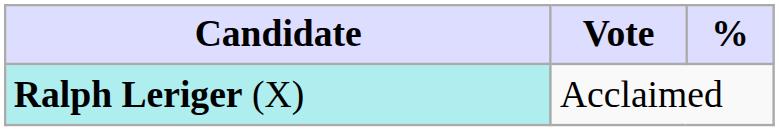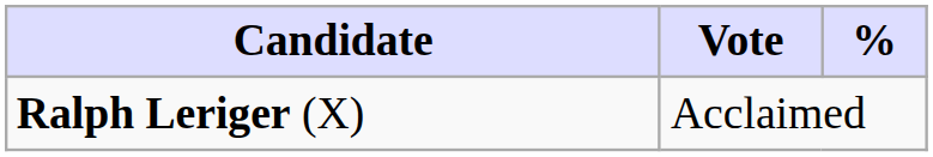 <table class="wikitable">
 <tr>
 <th style="background:#ddf; width:225px;">Candidate</th>
 <th style="background:#ddf; width:50px;">Vote</th>
 <th style="background:#ddf; width:30px;">%</th>
 </tr>
 <tr>
-<td style="background: paleturquoise;"><strong>Ralph Leriger</strong> (X)</td>
+<td><strong>Ralph Leriger</strong> (X)</td>
 <td colspan="2">Acclaimed</td>
 </tr>
 </table>
